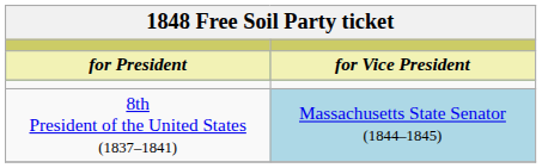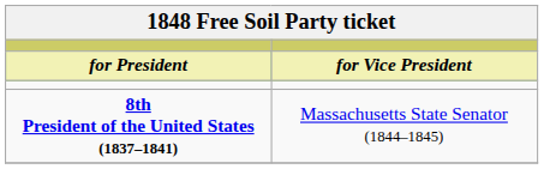 <table class="wikitable" style="font-size:90%; text-align:center;">
 <tr>
 <td style="background:#f1f1f1;" colspan="30"><big><strong>1848 Free Soil Party ticket</strong></big></td>
 </tr>
 <tr>
 <th style="width:3em; font-size:135%; background:#CCCC66; width:200px;"><a href='#'></a></th>
 <th style="width:3em; font-size:135%; background:#CCCC66; width:200px;"><a href='#'></a></th>
 </tr>
 <tr style="color:#000000; font-size:100%; background:#008000;">
 <td style="width:3em; font-size:100%; color:#000; background:#F2F2B5; width:200px;"><strong><em>for President</em></strong></td>
 <td style="width:3em; font-size:100%; color:#000; background:#F2F2B5; width:200px;"><strong><em>for Vice President</em></strong></td>
 </tr>
 <tr>
 <td></td>
 <td></td>
 </tr>
 <tr>
-<td><a href='#'>8th</a><br><a href='#'>President of the United States</a><br><small>(1837–1841)</small></td>
-<td style="background: lightblue;"><a href='#'>Massachusetts State Senator</a><br><small>(1844–1845)</small></td>
+<td><strong><a href='#'>8th</a><br><a href='#'>President of the United States</a><br><small>(1837–1841)</small></strong></td>
+<td><a href='#'>Massachusetts State Senator</a><br><small>(1844–1845)</small></td>
 </tr>
 <tr>
 </tr>
 </table>
